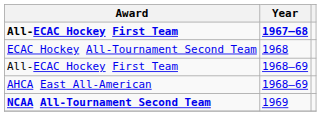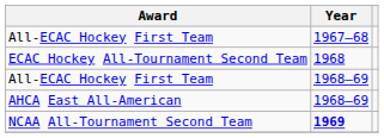 <table class="wikitable">
 <tr>
 <th>Award</th>
 <th>Year</th>
 <th></th>
 </tr>
 <tr>
-<td><strong>All-<a href='#'>ECAC Hockey</a> <a href='#'>First Team</a></strong></td>
-<td><strong><a href='#'>1967–68</a></strong></td>
+<td>All-<a href='#'>ECAC Hockey</a> <a href='#'>First Team</a></td>
+<td><a href='#'>1967–68</a></td>
 <td></td>
 </tr>
 <tr>
 <td><a href='#'>ECAC Hockey</a> <a href='#'>All-Tournament Second Team</a></td>
 <td><a href='#'>1968</a></td>
 <td></td>
 </tr>
 <tr>
 <td>All-<a href='#'>ECAC Hockey</a> <a href='#'>First Team</a></td>
 <td><a href='#'>1968–69</a></td>
 <td></td>
 </tr>
 <tr>
 <td><a href='#'>AHCA</a> <a href='#'>East All-American</a></td>
 <td><a href='#'>1968–69</a></td>
 <td></td>
 </tr>
 <tr>
-<td><strong><a href='#'>NCAA</a> <a href='#'>All-Tournament Second Team</a></strong></td>
-<td><a href='#'>1969</a></td>
+<td><a href='#'>NCAA</a> <a href='#'>All-Tournament Second Team</a></td>
+<td><strong><a href='#'>1969</a></strong></td>
 <td></td>
 </tr>
 <tr>
 </tr>
 </table>
